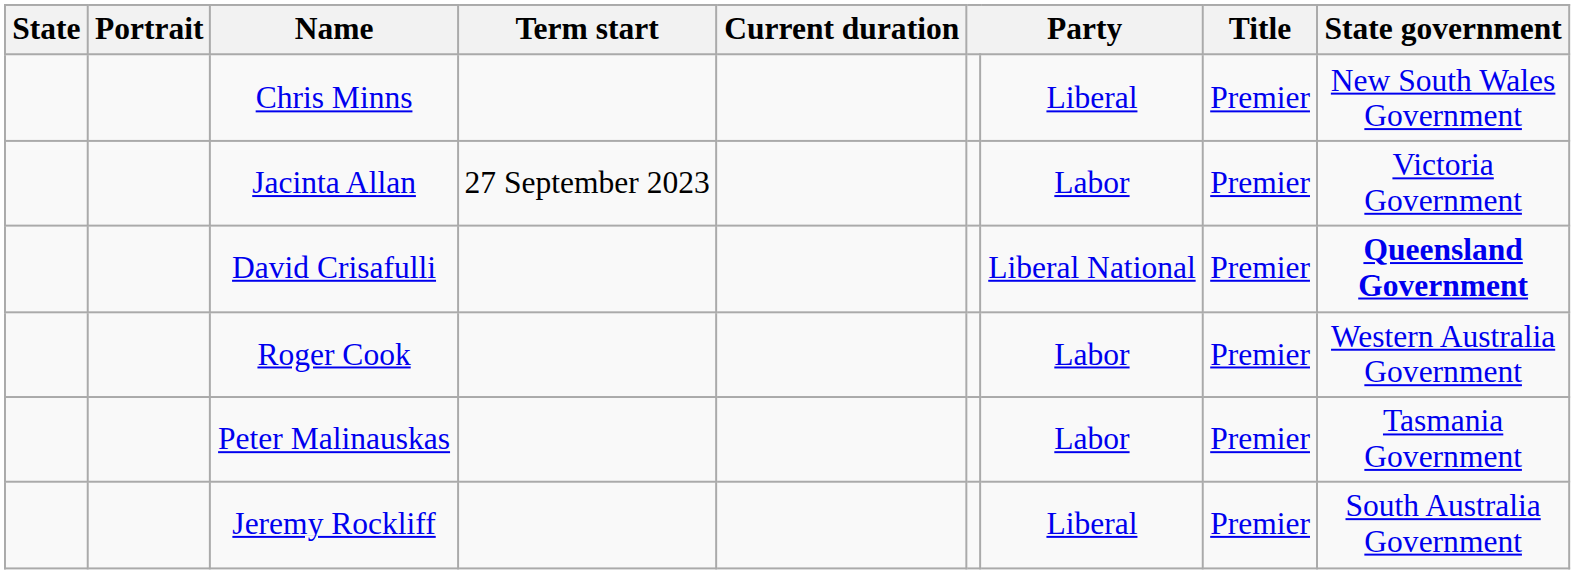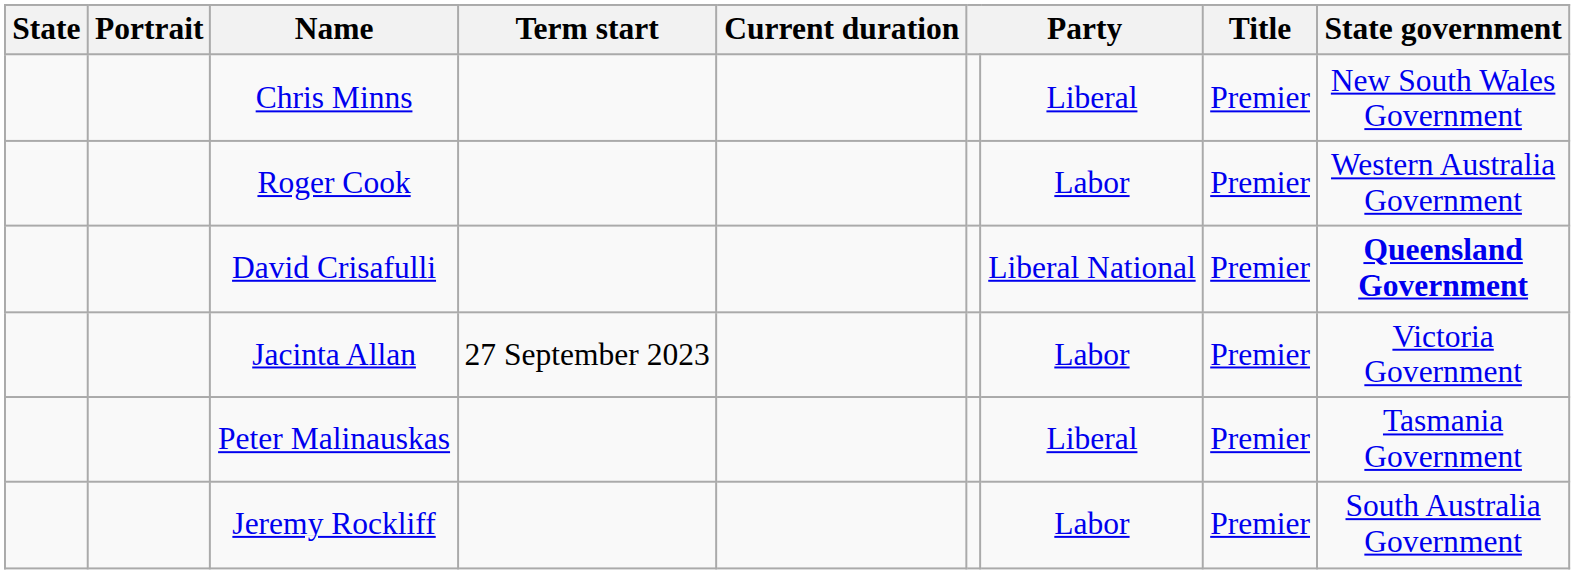 <table class="wikitable sortable" style="text-align:center;">
 <tr>
 <th>State</th>
 <th>Portrait</th>
 <th>Name</th>
 <th>Term start</th>
 <th>Current duration</th>
 <th colspan="2">Party</th>
 <th>Title</th>
 <th>State government</th>
 </tr>
 <tr>
 <td></td>
 <td></td>
 <td><a href='#'>Chris Minns</a></td>
 <td></td>
 <td></td>
 <td style="background-color: "></td>
 <td><a href='#'>Liberal</a></td>
 <td><a href='#'>Premier</a></td>
 <td><a href='#'>New South Wales<br>Government</a></td>
 </tr>
 <tr>
 <td></td>
 <td></td>
-<td><a href='#'>Jacinta Allan</a></td>
-<td>27 September 2023</td>
+<td><a href='#'>Roger Cook</a></td>
+<td></td>
 <td></td>
 <td style="background-color: "></td>
 <td><a href='#'>Labor</a></td>
 <td><a href='#'>Premier</a></td>
-<td><a href='#'>Victoria<br>Government</a></td>
+<td><a href='#'>Western Australia<br>Government</a></td>
 </tr>
 <tr>
 <td></td>
 <td></td>
 <td><a href='#'>David Crisafulli</a></td>
 <td></td>
 <td></td>
 <td style="background-color: "></td>
 <td><a href='#'>Liberal National</a></td>
 <td><a href='#'>Premier</a></td>
 <td><strong><a href='#'>Queensland<br>Government</a></strong></td>
 </tr>
 <tr>
 <td></td>
 <td></td>
-<td><a href='#'>Roger Cook</a></td>
-<td></td>
+<td><a href='#'>Jacinta Allan</a></td>
+<td>27 September 2023</td>
 <td></td>
 <td style="background-color: "></td>
 <td><a href='#'>Labor</a></td>
 <td><a href='#'>Premier</a></td>
-<td><a href='#'>Western Australia<br>Government</a></td>
+<td><a href='#'>Victoria<br>Government</a></td>
 </tr>
 <tr>
 <td></td>
 <td></td>
 <td><a href='#'>Peter Malinauskas</a></td>
 <td></td>
 <td></td>
 <td style="background-color: "></td>
-<td><a href='#'>Labor</a></td>
+<td><a href='#'>Liberal</a></td>
 <td><a href='#'>Premier</a></td>
 <td><a href='#'>Tasmania<br>Government</a></td>
 </tr>
 <tr>
 <td></td>
 <td></td>
 <td><a href='#'>Jeremy Rockliff</a></td>
 <td></td>
 <td></td>
 <td style="background-color: "></td>
-<td><a href='#'>Liberal</a></td>
+<td><a href='#'>Labor</a></td>
 <td><a href='#'>Premier</a></td>
 <td><a href='#'>South Australia<br>Government</a></td>
 </tr>
 </table>
